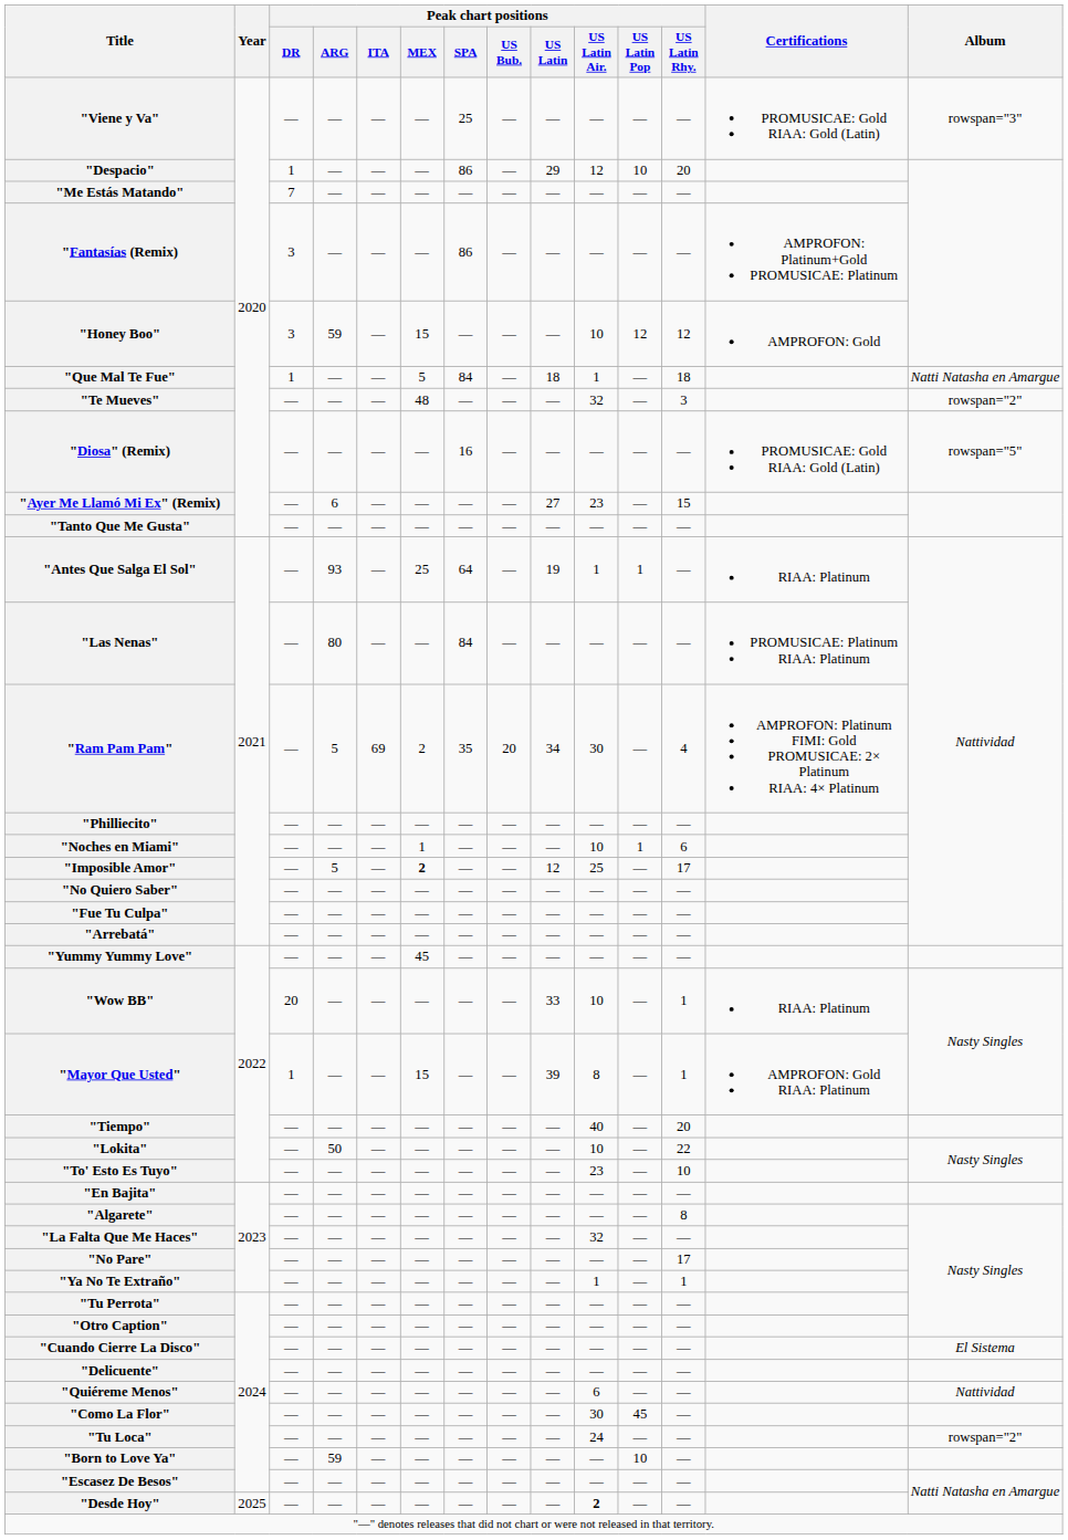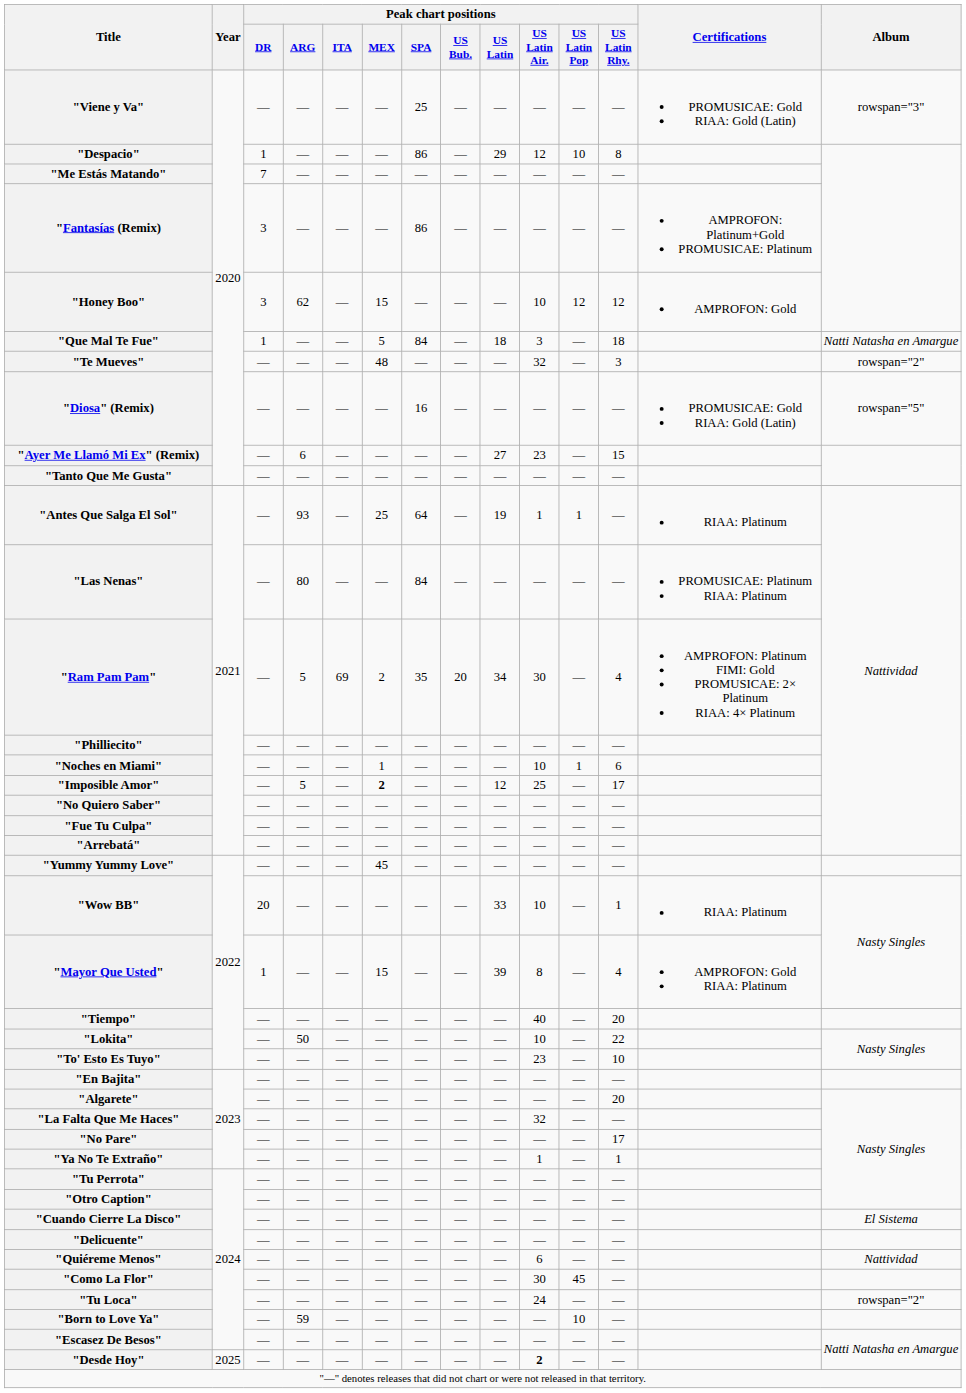 <table class="wikitable plainrowheaders" style="text-align:center;">
 <tr>
 <th scope="col" rowspan="2" style="width:16em;">Title</th>
 <th scope="col" rowspan="2" style="width:1em;">Year</th>
 <th scope="col" colspan="10">Peak chart positions</th>
 <th scope="col" rowspan="2" style="width:14em;"><a href='#'>Certifications</a></th>
 <th scope="col" rowspan="2">Album</th>
 </tr>
 <tr>
 <th scope="col" style="width:3em;font-size:90%;"><a href='#'>DR</a><br></th>
 <th scope="col" style="width:3em;font-size:90%;"><a href='#'>ARG</a><br></th>
 <th scope="col" style="width:3em;font-size:90%;"><a href='#'>ITA</a><br></th>
 <th scope="col" style="width:3em;font-size:90%;"><a href='#'>MEX</a><br></th>
 <th scope="col" style="width:3em;font-size:90%;"><a href='#'>SPA</a><br></th>
 <th scope="col" style="width:3em;font-size:90%;"><a href='#'>US<br>Bub.</a><br></th>
 <th scope="col" style="width:3em;font-size:90%;"><a href='#'>US<br>Latin</a><br></th>
 <th scope="col" style="width:3em;font-size:90%;"><a href='#'>US<br>Latin<br>Air.</a><br></th>
 <th scope="col" style="width:3em;font-size:90%;"><a href='#'>US<br>Latin<br>Pop</a><br></th>
 <th scope="col" style="width:3em;font-size:90%;"><a href='#'>US<br>Latin<br>Rhy.</a><br></th>
 </tr>
 <tr>
 <th scope="row">"Viene y Va"<br></th>
 <td rowspan="10">2020</td>
 <td>—</td>
 <td>—</td>
 <td>—</td>
 <td>—</td>
 <td>25</td>
 <td>—</td>
 <td>—</td>
 <td>—</td>
 <td>—</td>
 <td>—</td>
 <td><br><ul><li>PROMUSICAE: Gold</li><li>RIAA: Gold <span>(Latin)</span></li></ul></td>
 <td>rowspan="3" </td>
 </tr>
 <tr>
 <th scope="row">"Despacio"<br></th>
 <td>1</td>
 <td>—</td>
 <td>—</td>
 <td>—</td>
 <td>86</td>
 <td>—</td>
 <td>29</td>
 <td>12</td>
 <td>10</td>
-<td>20</td>
+<td>8</td>
 <td></td>
 </tr>
 <tr>
 <th scope="row">"Me Estás Matando"</th>
 <td>7</td>
 <td>—</td>
 <td>—</td>
 <td>—</td>
 <td>—</td>
 <td>—</td>
 <td>—</td>
 <td>—</td>
 <td>—</td>
 <td>—</td>
 <td></td>
 </tr>
 <tr>
 <th scope="row">"<a href='#'>Fantasías</a> (Remix)<br></th>
 <td>3</td>
 <td>—</td>
 <td>—</td>
 <td>—</td>
 <td>86</td>
 <td>—</td>
 <td>—</td>
 <td>—</td>
 <td>—</td>
 <td>—</td>
 <td><br><ul><li>AMPROFON: Platinum+Gold</li><li>PROMUSICAE: Platinum</li></ul></td>
 </tr>
 <tr>
 <th scope="row">"Honey Boo"<br></th>
 <td>3</td>
-<td>59</td>
+<td>62</td>
 <td>—</td>
 <td>15</td>
 <td>—</td>
 <td>—</td>
 <td>—</td>
 <td>10</td>
 <td>12</td>
 <td>12</td>
 <td><br><ul><li>AMPROFON: Gold</li></ul></td>
 </tr>
 <tr>
 <th scope="row">"Que Mal Te Fue"<br></th>
 <td>1</td>
 <td>—</td>
 <td>—</td>
 <td>5</td>
 <td>84</td>
 <td>—</td>
 <td>18</td>
-<td>1</td>
+<td>3</td>
 <td>—</td>
 <td>18</td>
 <td></td>
 <td><em>Natti Natasha en Amargue</em></td>
 </tr>
 <tr>
 <th scope="row">"Te Mueves"<br></th>
 <td>—</td>
 <td>—</td>
 <td>—</td>
 <td>48</td>
 <td>—</td>
 <td>—</td>
 <td>—</td>
 <td>32</td>
 <td>—</td>
 <td>3</td>
 <td></td>
 <td>rowspan="2" </td>
 </tr>
 <tr>
 <th scope="row">"<a href='#'>Diosa</a>" (Remix)<br></th>
 <td>—</td>
 <td>—</td>
 <td>—</td>
 <td>—</td>
 <td>16</td>
 <td>—</td>
 <td>—</td>
 <td>—</td>
 <td>—</td>
 <td>—</td>
 <td><br><ul><li>PROMUSICAE: Gold</li><li>RIAA: Gold <span>(Latin)</span></li></ul></td>
 <td>rowspan="5" </td>
 </tr>
 <tr>
 <th scope="row">"<a href='#'>Ayer Me Llamó Mi Ex</a>" (Remix)<br></th>
 <td>—</td>
 <td>6</td>
 <td>—</td>
 <td>—</td>
 <td>—</td>
 <td>—</td>
 <td>27</td>
 <td>23</td>
 <td>—</td>
 <td>15</td>
 <td></td>
 </tr>
 <tr>
 <th scope="row">"Tanto Que Me Gusta"<br></th>
 <td>—</td>
 <td>—</td>
 <td>—</td>
 <td>—</td>
 <td>—</td>
 <td>—</td>
 <td>—</td>
 <td>—</td>
 <td>—</td>
 <td>—</td>
 <td></td>
 </tr>
 <tr>
 <th scope="row">"Antes Que Salga El Sol"<br></th>
 <td rowspan="9">2021</td>
 <td>—</td>
 <td>93</td>
 <td>—</td>
 <td>25</td>
 <td>64</td>
 <td>—</td>
 <td>19</td>
 <td>1</td>
 <td>1</td>
 <td>—</td>
 <td><br><ul><li>RIAA: Platinum </li></ul></td>
 <td rowspan="9"><em>Nattividad</em></td>
 </tr>
 <tr>
 <th scope="row">"Las Nenas"<br></th>
 <td>—</td>
 <td>80</td>
 <td>—</td>
 <td>—</td>
 <td>84</td>
 <td>—</td>
 <td>—</td>
 <td>—</td>
 <td>—</td>
 <td>—</td>
 <td><br><ul><li>PROMUSICAE: Platinum</li><li>RIAA: Platinum </li></ul></td>
 </tr>
 <tr>
 <th scope="row">"<a href='#'>Ram Pam Pam</a>"<br></th>
 <td>—</td>
 <td>5</td>
 <td>69</td>
 <td>2</td>
 <td>35</td>
 <td>20</td>
 <td>34</td>
 <td>30</td>
 <td>—</td>
 <td>4</td>
 <td><br><ul><li>AMPROFON: Platinum</li><li>FIMI: Gold</li><li>PROMUSICAE: 2× Platinum</li><li>RIAA: 4× Platinum </li></ul></td>
 </tr>
 <tr>
 <th scope="row">"Philliecito"<br></th>
 <td>—</td>
 <td>—</td>
 <td>—</td>
 <td>—</td>
 <td>—</td>
 <td>—</td>
 <td>—</td>
 <td>—</td>
 <td>—</td>
 <td>—</td>
 <td></td>
 </tr>
 <tr>
 <th scope="row">"Noches en Miami"</th>
 <td>—</td>
 <td>—</td>
 <td>—</td>
 <td>1</td>
 <td>—</td>
 <td>—</td>
 <td>—</td>
 <td>10</td>
 <td>1</td>
 <td>6</td>
 <td></td>
 </tr>
 <tr>
 <th scope="row">"Imposible Amor"<br></th>
 <td>—</td>
 <td>5</td>
 <td>—</td>
 <td><strong>2</strong></td>
 <td>—</td>
 <td>—</td>
 <td>12</td>
 <td>25</td>
 <td>—</td>
 <td>17</td>
 <td></td>
 </tr>
 <tr>
 <th scope="row">"No Quiero Saber"</th>
 <td>—</td>
 <td>—</td>
 <td>—</td>
 <td>—</td>
 <td>—</td>
 <td>—</td>
 <td>—</td>
 <td>—</td>
 <td>—</td>
 <td>—</td>
 <td></td>
 </tr>
 <tr>
 <th scope="row">"Fue Tu Culpa"<br></th>
 <td>—</td>
 <td>—</td>
 <td>—</td>
 <td>—</td>
 <td>—</td>
 <td>—</td>
 <td>—</td>
 <td>—</td>
 <td>—</td>
 <td>—</td>
 <td></td>
 </tr>
 <tr>
 <th scope="row">"Arrebatá"</th>
 <td>—</td>
 <td>—</td>
 <td>—</td>
 <td>—</td>
 <td>—</td>
 <td>—</td>
 <td>—</td>
 <td>—</td>
 <td>—</td>
 <td>—</td>
 <td></td>
 </tr>
 <tr>
 <th scope="row">"Yummy Yummy Love"<br></th>
 <td rowspan="6">2022</td>
 <td>—</td>
 <td>—</td>
 <td>—</td>
 <td>45</td>
 <td>—</td>
 <td>—</td>
 <td>—</td>
 <td>—</td>
 <td>—</td>
 <td>—</td>
 <td></td>
 <td></td>
 </tr>
 <tr>
 <th scope="row">"Wow BB"<br></th>
 <td>20</td>
 <td>—</td>
 <td>—</td>
 <td>—</td>
 <td>—</td>
 <td>—</td>
 <td>33</td>
 <td>10</td>
 <td>—</td>
 <td>1</td>
 <td><br><ul><li>RIAA: Platinum </li></ul></td>
 <td rowspan="2"><em>Nasty Singles</em></td>
 </tr>
 <tr>
 <th scope="row">"<a href='#'>Mayor Que Usted</a>"<br></th>
 <td>1</td>
 <td>—</td>
 <td>—</td>
 <td>15</td>
 <td>—</td>
 <td>—</td>
 <td>39</td>
 <td>8</td>
 <td>—</td>
-<td>1</td>
+<td>4</td>
 <td><br><ul><li>AMPROFON: Gold</li><li>RIAA: Platinum </li></ul></td>
 </tr>
 <tr>
 <th scope="row">"Tiempo"<br></th>
 <td>—</td>
 <td>—</td>
 <td>—</td>
 <td>—</td>
 <td>—</td>
 <td>—</td>
 <td>—</td>
 <td>40</td>
 <td>—</td>
 <td>20</td>
 <td></td>
 <td></td>
 </tr>
 <tr>
 <th scope="row">"Lokita"<br></th>
 <td>—</td>
 <td>50</td>
 <td>—</td>
 <td>—</td>
 <td>—</td>
 <td>—</td>
 <td>—</td>
 <td>10</td>
 <td>—</td>
 <td>22</td>
 <td></td>
 <td rowspan="2"><em>Nasty Singles</em></td>
 </tr>
 <tr>
 <th scope="row">"To' Esto Es Tuyo"</th>
 <td>—</td>
 <td>—</td>
 <td>—</td>
 <td>—</td>
 <td>—</td>
 <td>—</td>
 <td>—</td>
 <td>23</td>
 <td>—</td>
 <td>10</td>
 <td></td>
 </tr>
 <tr>
 <th scope="row">"En Bajita"<br></th>
 <td rowspan="5">2023</td>
 <td>—</td>
 <td>—</td>
 <td>—</td>
 <td>—</td>
 <td>—</td>
 <td>—</td>
 <td>—</td>
 <td>—</td>
 <td>—</td>
 <td>—</td>
 <td></td>
 <td></td>
 </tr>
 <tr>
 <th scope="row">"Algarete"</th>
 <td>—</td>
 <td>—</td>
 <td>—</td>
 <td>—</td>
 <td>—</td>
 <td>—</td>
 <td>—</td>
 <td>—</td>
 <td>—</td>
-<td>8</td>
+<td>20</td>
 <td></td>
 <td rowspan="6"><em>Nasty Singles</em></td>
 </tr>
 <tr>
 <th scope="row">"La Falta Que Me Haces"</th>
 <td>—</td>
 <td>—</td>
 <td>—</td>
 <td>—</td>
 <td>—</td>
 <td>—</td>
 <td>—</td>
 <td>32</td>
 <td>—</td>
 <td>—</td>
 <td></td>
 </tr>
 <tr>
 <th scope="row">"No Pare"<br></th>
 <td>—</td>
 <td>—</td>
 <td>—</td>
 <td>—</td>
 <td>—</td>
 <td>—</td>
 <td>—</td>
 <td>—</td>
 <td>—</td>
 <td>17</td>
 <td></td>
 </tr>
 <tr>
 <th scope="row">"Ya No Te Extraño"</th>
 <td>—</td>
 <td>—</td>
 <td>—</td>
 <td>—</td>
 <td>—</td>
 <td>—</td>
 <td>—</td>
 <td>1</td>
 <td>—</td>
 <td>1</td>
 <td></td>
 </tr>
 <tr>
 <th scope="row">"Tu Perrota"</th>
 <td rowspan="9">2024</td>
 <td>—</td>
 <td>—</td>
 <td>—</td>
 <td>—</td>
 <td>—</td>
 <td>—</td>
 <td>—</td>
 <td>—</td>
 <td>—</td>
 <td>—</td>
 <td></td>
 </tr>
 <tr>
 <th scope="row">"Otro Caption"</th>
 <td>—</td>
 <td>—</td>
 <td>—</td>
 <td>—</td>
 <td>—</td>
 <td>—</td>
 <td>—</td>
 <td>—</td>
 <td>—</td>
 <td>—</td>
 <td></td>
 </tr>
 <tr>
 <th scope="row">"Cuando Cierre La Disco"<br></th>
 <td>—</td>
 <td>—</td>
 <td>—</td>
 <td>—</td>
 <td>—</td>
 <td>—</td>
 <td>—</td>
 <td>—</td>
 <td>—</td>
 <td>—</td>
 <td></td>
 <td><em>El Sistema</em></td>
 </tr>
 <tr>
 <th scope="row">"Delicuente"<br></th>
 <td>—</td>
 <td>—</td>
 <td>—</td>
 <td>—</td>
 <td>—</td>
 <td>—</td>
 <td>—</td>
 <td>—</td>
 <td>—</td>
 <td>—</td>
 <td></td>
 </tr>
 <tr>
 <th scope="row">"Quiéreme Menos"</th>
 <td>—</td>
 <td>—</td>
 <td>—</td>
 <td>—</td>
 <td>—</td>
 <td>—</td>
 <td>—</td>
 <td>6</td>
 <td>—</td>
 <td>—</td>
 <td></td>
 <td><em>Nattividad</em></td>
 </tr>
 <tr>
 <th scope="row">"Como La Flor"<br></th>
 <td>—</td>
 <td>—</td>
 <td>—</td>
 <td>—</td>
 <td>—</td>
 <td>—</td>
 <td>—</td>
 <td>30</td>
 <td>45</td>
 <td>—</td>
 <td></td>
 <td></td>
 </tr>
 <tr>
 <th scope="row">"Tu Loca"</th>
 <td>—</td>
 <td>—</td>
 <td>—</td>
 <td>—</td>
 <td>—</td>
 <td>—</td>
 <td>—</td>
 <td>24</td>
 <td>—</td>
 <td>—</td>
 <td></td>
 <td>rowspan="2" </td>
 </tr>
 <tr>
 <th scope="row">"Born to Love Ya"<br></th>
 <td>—</td>
 <td>59</td>
 <td>—</td>
 <td>—</td>
 <td>—</td>
 <td>—</td>
 <td>—</td>
 <td>—</td>
 <td>10</td>
 <td>—</td>
 <td></td>
 <td></td>
 </tr>
 <tr>
 <th scope="row">"Escasez De Besos"</th>
 <td>—</td>
 <td>—</td>
 <td>—</td>
 <td>—</td>
 <td>—</td>
 <td>—</td>
 <td>—</td>
 <td>—</td>
 <td>—</td>
 <td>—</td>
 <td></td>
 <td rowspan="2"><em>Natti Natasha en Amargue</em></td>
 </tr>
 <tr>
 <th scope="row">"Desde Hoy"</th>
 <td>2025</td>
 <td>—</td>
 <td>—</td>
 <td>—</td>
 <td>—</td>
 <td>—</td>
 <td>—</td>
 <td>—</td>
 <td><strong>2</strong></td>
 <td>—</td>
 <td>—</td>
 <td></td>
 </tr>
 <tr>
 <td colspan="14" style="text-align:center; font-size:85%;">"—" denotes releases that did not chart or were not released in that territory.</td>
 </tr>
 </table>
